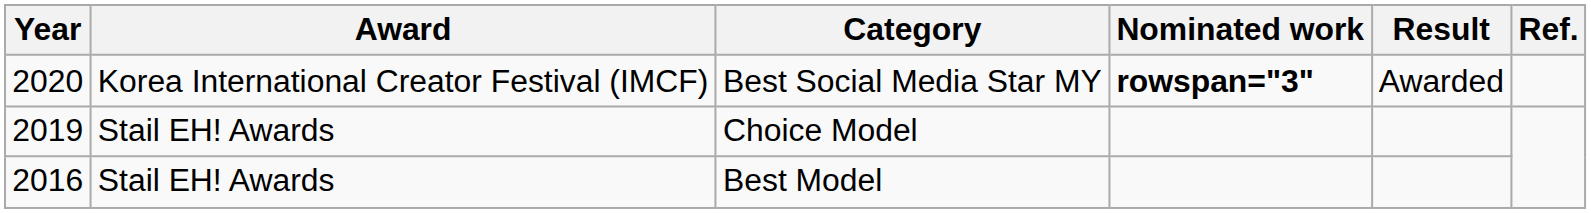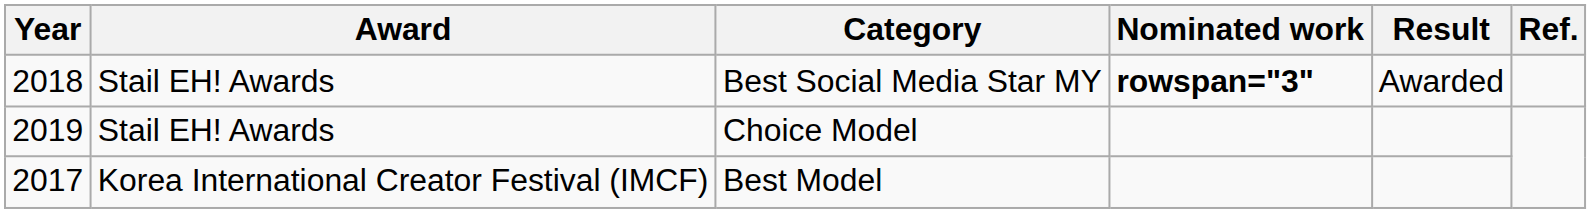 <table class="wikitable">
 <tr style="text-align:center;">
 <th>Year</th>
 <th>Award</th>
 <th>Category</th>
 <th>Nominated work</th>
 <th>Result</th>
 <th>Ref.</th>
 </tr>
 <tr>
-<td>2020</td>
-<td>Korea International Creator Festival (IMCF)</td>
+<td>2018</td>
+<td>Stail EH! Awards</td>
 <td>Best Social Media Star MY</td>
 <td><strong>rowspan="3" </strong></td>
 <td>Awarded</td>
 <td></td>
 </tr>
 <tr>
 <td>2019</td>
 <td>Stail EH! Awards</td>
 <td>Choice Model</td>
 <td></td>
 <td></td>
 </tr>
 <tr>
-<td>2016</td>
-<td>Stail EH! Awards</td>
+<td>2017</td>
+<td>Korea International Creator Festival (IMCF)</td>
 <td>Best Model</td>
 <td></td>
 <td></td>
 </tr>
 </table>
